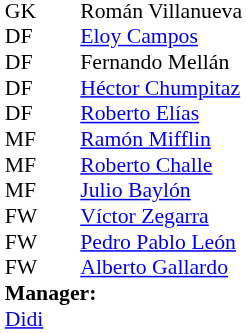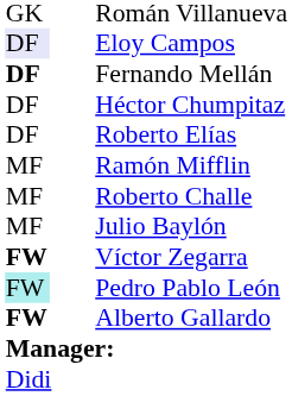 <table style="font-size:90%; margin:0.2em auto;" cellspacing="0" cellpadding="0">
 <tr>
 <th width="25"></th>
 <th width="25"></th>
 </tr>
 <tr>
 <td>GK</td>
 <td><strong> </strong></td>
 <td>Román Villanueva</td>
 </tr>
 <tr>
-<td>DF</td>
+<td style="background: lavender;">DF</td>
 <td><strong> </strong></td>
 <td><a href='#'>Eloy Campos</a></td>
 </tr>
 <tr>
-<td>DF</td>
+<td><strong>DF</strong></td>
 <td><strong> </strong></td>
 <td>Fernando Mellán</td>
 </tr>
 <tr>
 <td>DF</td>
 <td><strong> </strong></td>
 <td><a href='#'>Héctor Chumpitaz</a></td>
 </tr>
 <tr>
 <td>DF</td>
 <td><strong> </strong></td>
 <td><a href='#'>Roberto Elías</a></td>
 </tr>
 <tr>
 <td>MF</td>
 <td><strong> </strong></td>
 <td><a href='#'>Ramón Mifflin</a></td>
 </tr>
 <tr>
 <td>MF</td>
 <td><strong> </strong></td>
 <td><a href='#'>Roberto Challe</a></td>
 </tr>
 <tr>
 <td>MF</td>
 <td><strong> </strong></td>
 <td><a href='#'>Julio Baylón</a></td>
 </tr>
 <tr>
-<td>FW</td>
+<td><strong>FW</strong></td>
 <td><strong> </strong></td>
 <td><a href='#'>Víctor Zegarra</a></td>
 </tr>
 <tr>
-<td>FW</td>
+<td style="background: paleturquoise;">FW</td>
 <td><strong> </strong></td>
 <td><a href='#'>Pedro Pablo León</a></td>
 </tr>
 <tr>
-<td>FW</td>
+<td><strong>FW</strong></td>
 <td><strong> </strong></td>
 <td><a href='#'>Alberto Gallardo</a></td>
 </tr>
 <tr>
 <td colspan=3><strong>Manager:</strong></td>
 </tr>
 <tr>
 <td colspan=4> <a href='#'>Didi</a></td>
 </tr>
 </table>
